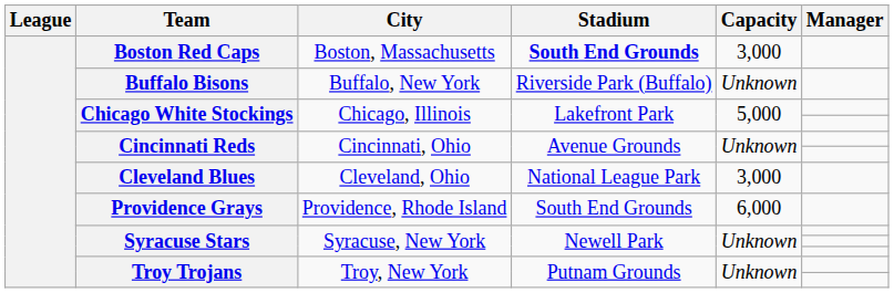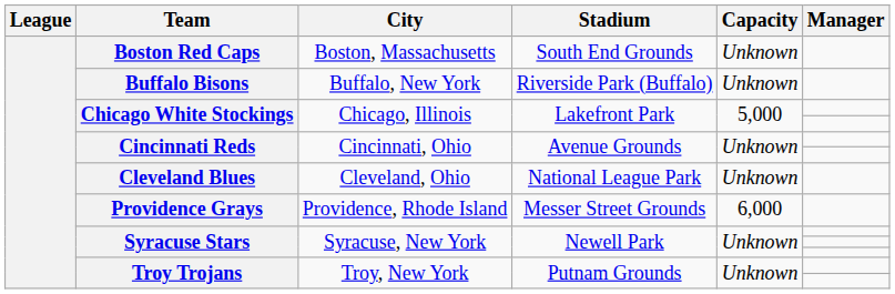 <table class="wikitable sortable plainrowheaders" style="text-align:center;">
 <tr>
 <th scope="col">League</th>
 <th scope="col">Team</th>
 <th scope="col">City</th>
 <th scope="col">Stadium</th>
 <th scope="col">Capacity</th>
 <th scope="col">Manager</th>
 </tr>
 <tr>
 <th rowspan="13"></th>
 <th scope="row"><a href='#'>Boston Red Caps</a></th>
 <td><a href='#'>Boston</a>, <a href='#'>Massachusetts</a></td>
-<td><strong><a href='#'>South End Grounds</a></strong></td>
-<td>3,000</td>
+<td><a href='#'>South End Grounds</a></td>
+<td><em>Unknown</em></td>
 <td></td>
 </tr>
 <tr>
 <th scope="row"><a href='#'>Buffalo Bisons</a></th>
 <td><a href='#'>Buffalo</a>, <a href='#'>New York</a></td>
 <td><a href='#'>Riverside Park (Buffalo)</a></td>
 <td><em>Unknown</em></td>
 <td></td>
 </tr>
 <tr>
 <th rowspan="2" scope="row"><a href='#'>Chicago White Stockings</a></th>
 <td rowspan="2"><a href='#'>Chicago</a>, <a href='#'>Illinois</a></td>
 <td rowspan="2"><a href='#'>Lakefront Park</a></td>
 <td rowspan="2">5,000</td>
 <td></td>
 </tr>
 <tr>
 <td></td>
 </tr>
 <tr>
 <th rowspan="2" scope="row"><a href='#'>Cincinnati Reds</a></th>
 <td rowspan="2"><a href='#'>Cincinnati</a>, <a href='#'>Ohio</a></td>
 <td rowspan="2"><a href='#'>Avenue Grounds</a></td>
 <td rowspan="2"><em>Unknown</em></td>
 <td></td>
 </tr>
 <tr>
 <td></td>
 </tr>
 <tr>
 <th scope="row"><a href='#'>Cleveland Blues</a></th>
 <td><a href='#'>Cleveland</a>, <a href='#'>Ohio</a></td>
 <td><a href='#'>National League Park</a></td>
-<td>3,000</td>
+<td><em>Unknown</em></td>
 <td></td>
 </tr>
 <tr>
 <th scope="row"><a href='#'>Providence Grays</a></th>
 <td><a href='#'>Providence</a>, <a href='#'>Rhode Island</a></td>
-<td><a href='#'>South End Grounds</a></td>
+<td><a href='#'>Messer Street Grounds</a></td>
 <td>6,000</td>
 <td></td>
 </tr>
 <tr>
 <th rowspan="3" scope="row"><a href='#'>Syracuse Stars</a></th>
 <td rowspan="3"><a href='#'>Syracuse</a>, <a href='#'>New York</a></td>
 <td rowspan="3"><a href='#'>Newell Park</a></td>
 <td rowspan="3"><em>Unknown</em></td>
 <td></td>
 </tr>
 <tr>
 <td></td>
 </tr>
 <tr>
 <td></td>
 </tr>
 <tr>
 <th rowspan="2" scope="row"><a href='#'>Troy Trojans</a></th>
 <td rowspan="2"><a href='#'>Troy</a>, <a href='#'>New York</a></td>
 <td rowspan="2"><a href='#'>Putnam Grounds</a></td>
 <td rowspan="2"><em>Unknown</em></td>
 <td></td>
 </tr>
 <tr>
 <td></td>
 </tr>
 </table>
